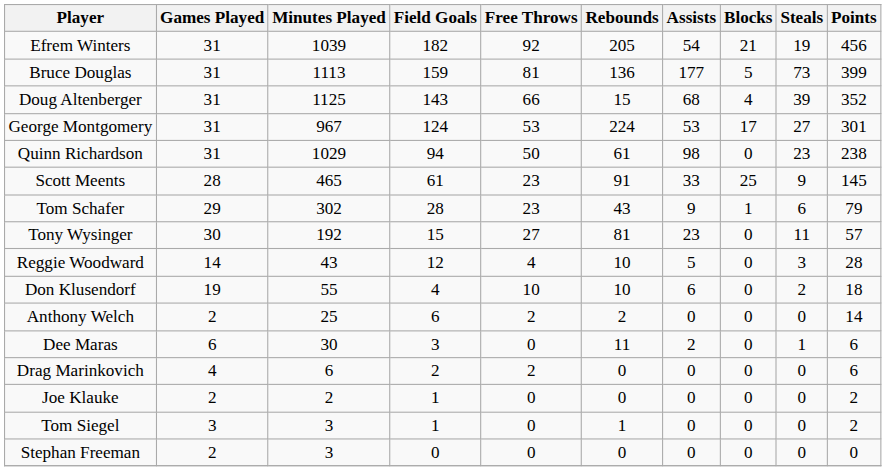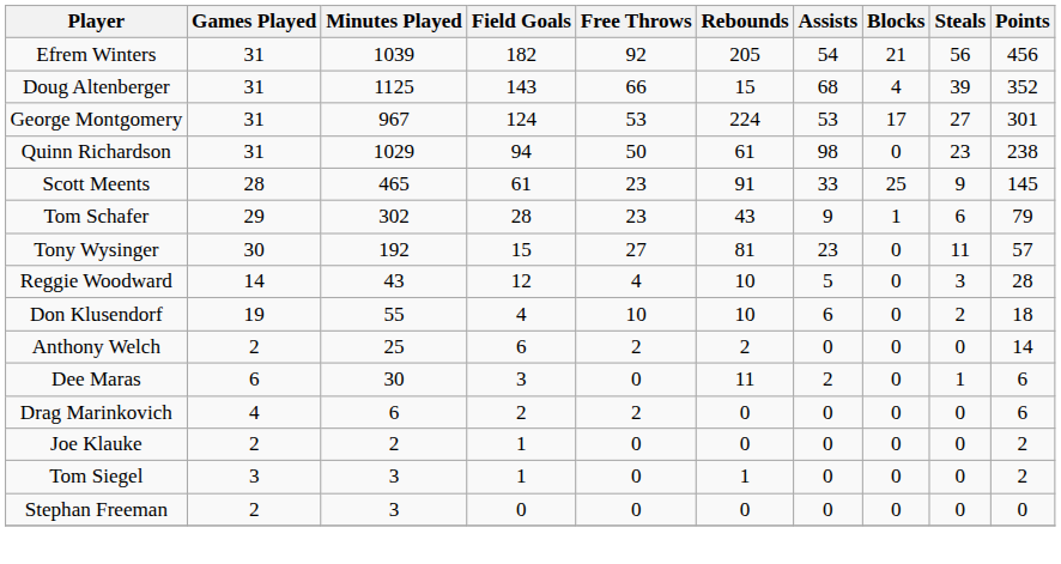 <table class="wikitable sortable" style="text-align:center">
 <tr>
 <th>Player</th>
 <th>Games Played</th>
 <th>Minutes Played</th>
 <th>Field Goals</th>
 <th>Free Throws</th>
 <th>Rebounds</th>
 <th>Assists</th>
 <th>Blocks</th>
 <th>Steals</th>
 <th>Points</th>
 </tr>
 <tr>
 <td>Efrem Winters</td>
 <td>31</td>
 <td>1039</td>
 <td>182</td>
 <td>92</td>
 <td>205</td>
 <td>54</td>
 <td>21</td>
-<td>19</td>
+<td>56</td>
 <td>456</td>
-</tr>
-<tr>
-<td>Bruce Douglas</td>
-<td>31</td>
-<td>1113</td>
-<td>159</td>
-<td>81</td>
-<td>136</td>
-<td>177</td>
-<td>5</td>
-<td>73</td>
-<td>399</td>
 </tr>
 <tr>
 <td>Doug Altenberger</td>
 <td>31</td>
 <td>1125</td>
 <td>143</td>
 <td>66</td>
 <td>15</td>
 <td>68</td>
 <td>4</td>
 <td>39</td>
 <td>352</td>
 </tr>
 <tr>
 <td>George Montgomery</td>
 <td>31</td>
 <td>967</td>
 <td>124</td>
 <td>53</td>
 <td>224</td>
 <td>53</td>
 <td>17</td>
 <td>27</td>
 <td>301</td>
 </tr>
 <tr>
 <td>Quinn Richardson</td>
 <td>31</td>
 <td>1029</td>
 <td>94</td>
 <td>50</td>
 <td>61</td>
 <td>98</td>
 <td>0</td>
 <td>23</td>
 <td>238</td>
 </tr>
 <tr>
 <td>Scott Meents</td>
 <td>28</td>
 <td>465</td>
 <td>61</td>
 <td>23</td>
 <td>91</td>
 <td>33</td>
 <td>25</td>
 <td>9</td>
 <td>145</td>
 </tr>
 <tr>
 <td>Tom Schafer</td>
 <td>29</td>
 <td>302</td>
 <td>28</td>
 <td>23</td>
 <td>43</td>
 <td>9</td>
 <td>1</td>
 <td>6</td>
 <td>79</td>
 </tr>
 <tr align="center" bgcolor="">
 <td>Tony Wysinger</td>
 <td>30</td>
 <td>192</td>
 <td>15</td>
 <td>27</td>
 <td>81</td>
 <td>23</td>
 <td>0</td>
 <td>11</td>
 <td>57</td>
 </tr>
 <tr align="center" bgcolor="">
 <td>Reggie Woodward</td>
 <td>14</td>
 <td>43</td>
 <td>12</td>
 <td>4</td>
 <td>10</td>
 <td>5</td>
 <td>0</td>
 <td>3</td>
 <td>28</td>
 </tr>
 <tr align="center" bgcolor="">
 <td>Don Klusendorf</td>
 <td>19</td>
 <td>55</td>
 <td>4</td>
 <td>10</td>
 <td>10</td>
 <td>6</td>
 <td>0</td>
 <td>2</td>
 <td>18</td>
 </tr>
 <tr align="center" bgcolor="">
 <td>Anthony Welch</td>
 <td>2</td>
 <td>25</td>
 <td>6</td>
 <td>2</td>
 <td>2</td>
 <td>0</td>
 <td>0</td>
 <td>0</td>
 <td>14</td>
 </tr>
 <tr align="center" bgcolor="">
 <td>Dee Maras</td>
 <td>6</td>
 <td>30</td>
 <td>3</td>
 <td>0</td>
 <td>11</td>
 <td>2</td>
 <td>0</td>
 <td>1</td>
 <td>6</td>
 </tr>
 <tr align="center" bgcolor="">
 <td>Drag Marinkovich</td>
 <td>4</td>
 <td>6</td>
 <td>2</td>
 <td>2</td>
 <td>0</td>
 <td>0</td>
 <td>0</td>
 <td>0</td>
 <td>6</td>
 </tr>
 <tr align="center" bgcolor="">
 <td>Joe Klauke</td>
 <td>2</td>
 <td>2</td>
 <td>1</td>
 <td>0</td>
 <td>0</td>
 <td>0</td>
 <td>0</td>
 <td>0</td>
 <td>2</td>
 </tr>
 <tr align="center" bgcolor="">
 <td>Tom Siegel</td>
 <td>3</td>
 <td>3</td>
 <td>1</td>
 <td>0</td>
 <td>1</td>
 <td>0</td>
 <td>0</td>
 <td>0</td>
 <td>2</td>
 </tr>
 <tr align="center" bgcolor="">
 <td>Stephan Freeman</td>
 <td>2</td>
 <td>3</td>
 <td>0</td>
 <td>0</td>
 <td>0</td>
 <td>0</td>
 <td>0</td>
 <td>0</td>
 <td>0</td>
 </tr>
 <tr align="center" bgcolor="">
 </tr>
 </table>
